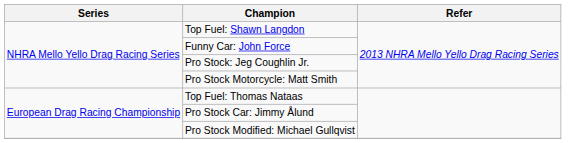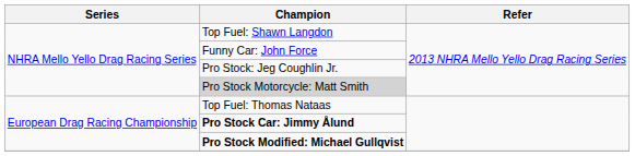 <table class="wikitable" style="font-size:87%;">
 <tr>
 <th>Series</th>
 <th>Champion</th>
 <th>Refer</th>
 </tr>
 <tr>
 <td rowspan=4><a href='#'>NHRA Mello Yello Drag Racing Series</a></td>
 <td>Top Fuel:  <a href='#'>Shawn Langdon</a></td>
 <td rowspan=4><em><a href='#'>2013 NHRA Mello Yello Drag Racing Series</a></em></td>
 </tr>
 <tr>
 <td>Funny Car:  <a href='#'>John Force</a></td>
 </tr>
 <tr>
 <td>Pro Stock:  Jeg Coughlin Jr.</td>
 </tr>
 <tr>
-<td>Pro Stock Motorcycle:  Matt Smith</td>
+<td style="background: lightgrey;">Pro Stock Motorcycle:  Matt Smith</td>
 </tr>
 <tr>
 <td rowspan=3><a href='#'>European Drag Racing Championship</a></td>
 <td>Top Fuel:  Thomas Nataas</td>
 <td rowspan=3></td>
 </tr>
 <tr>
-<td>Pro Stock Car:  Jimmy Ålund</td>
+<td><strong>Pro Stock Car:  Jimmy Ålund</strong></td>
 </tr>
 <tr>
-<td>Pro Stock Modified:  Michael Gullqvist</td>
+<td><strong>Pro Stock Modified:  Michael Gullqvist</strong></td>
 </tr>
 <tr>
 </tr>
 </table>
